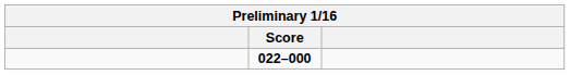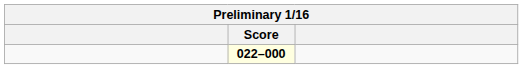 <table class="wikitable" style="text-align: center; font-size:90% ">
 <tr>
 <th colspan=3>Preliminary 1/16</th>
 </tr>
 <tr>
 <th align="right" width="250"></th>
 <th width="70">Score</th>
 <th align="left" width="250"></th>
 </tr>
 <tr>
 <td align=left><strong></strong></td>
-<td align=center><strong>022–000</strong></td>
+<td align=center style="background: lightyellow;"><strong>022–000</strong></td>
 <td align=left></td>
 </tr>
 </table>
